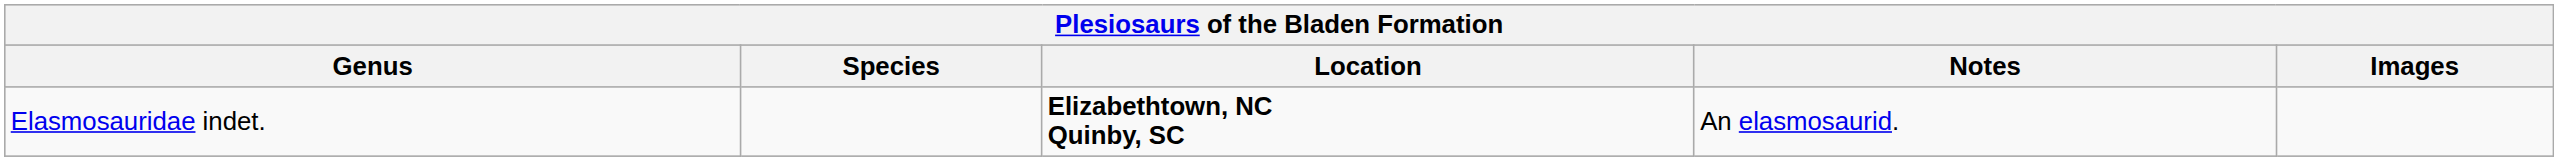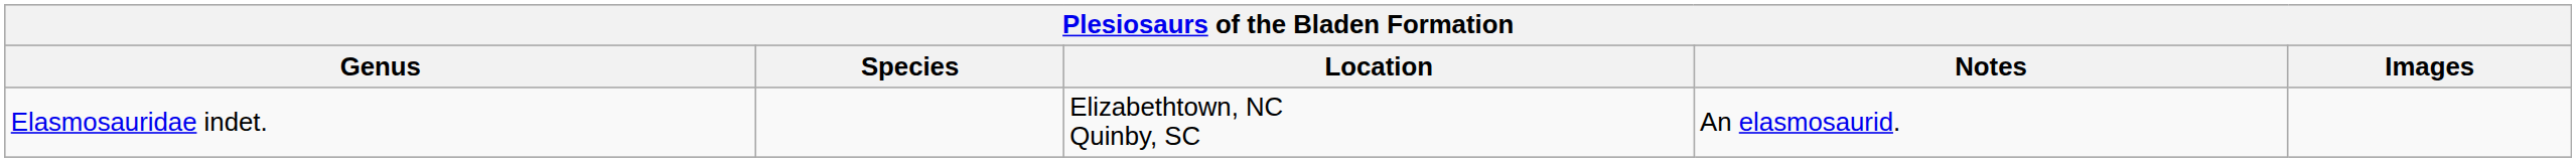 <table class="wikitable" width="100%" align="center">
 <tr>
 <th colspan="7" align="center"><strong><a href='#'>Plesiosaurs</a> of the Bladen Formation</strong></th>
 </tr>
 <tr>
 <th>Genus</th>
 <th>Species</th>
 <th>Location</th>
 <th>Notes</th>
 <th>Images</th>
 </tr>
 <tr>
 <td><a href='#'>Elasmosauridae</a> indet.</td>
 <td></td>
-<td><strong>Elizabethtown, NC<br>Quinby, SC</strong></td>
+<td>Elizabethtown, NC<br>Quinby, SC</td>
 <td>An <a href='#'>elasmosaurid</a>.</td>
 <td></td>
 </tr>
 </table>
